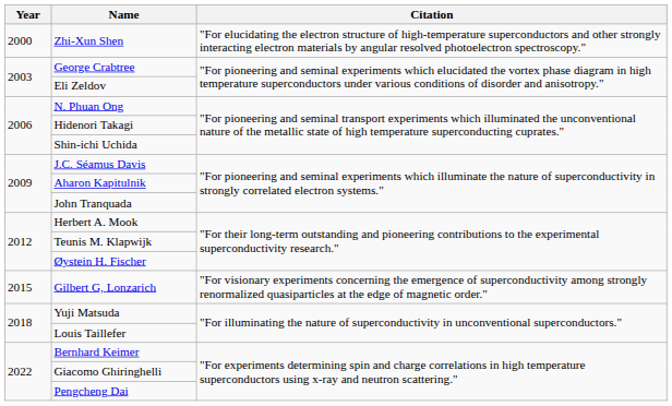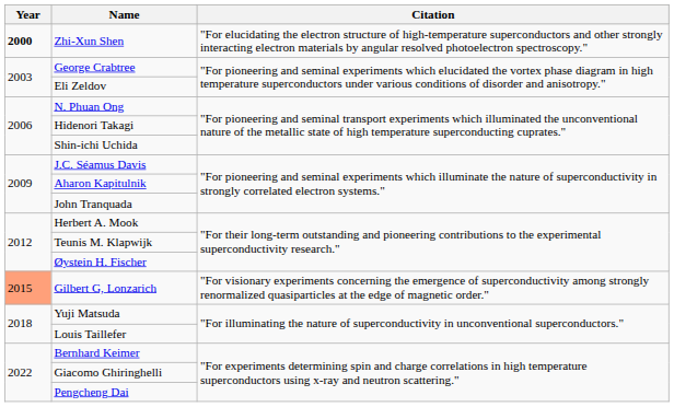 <table class="wikitable">
 <tr bgcolor="#ccccc">
 <th style="width:7%">Year</th>
 <th style="width:22%">Name</th>
 <th>Citation</th>
 </tr>
 <tr>
-<td>2000</td>
+<td><strong>2000</strong></td>
 <td><a href='#'>Zhi-Xun Shen</a></td>
 <td>"For elucidating the electron structure of high-temperature superconductors and other strongly interacting electron materials by angular resolved photoelectron spectroscopy."</td>
 </tr>
 <tr>
 <td rowspan=2>2003</td>
 <td><a href='#'>George Crabtree</a></td>
 <td rowspan=2>"For pioneering and seminal experiments which elucidated the vortex phase diagram in high temperature superconductors under various conditions of disorder and anisotropy."</td>
 </tr>
 <tr>
 <td>Eli Zeldov</td>
 </tr>
 <tr>
 <td rowspan=3>2006</td>
 <td><a href='#'>N. Phuan Ong</a></td>
 <td rowspan=3>"For pioneering and seminal transport experiments which illuminated the unconventional nature of the metallic state of high temperature superconducting cuprates."</td>
 </tr>
 <tr>
 <td>Hidenori Takagi</td>
 </tr>
 <tr>
 <td>Shin-ichi Uchida</td>
 </tr>
 <tr>
 <td rowspan=3>2009</td>
 <td><a href='#'>J.C. Séamus Davis</a></td>
 <td rowspan=3>"For pioneering and seminal experiments which illuminate the nature of superconductivity in strongly correlated electron systems."</td>
 </tr>
 <tr>
 <td><a href='#'>Aharon Kapitulnik</a></td>
 </tr>
 <tr>
 <td>John Tranquada</td>
 </tr>
 <tr>
 <td rowspan=3>2012</td>
 <td>Herbert A. Mook</td>
 <td rowspan=3>"For their long-term outstanding and pioneering contributions to the experimental superconductivity research."</td>
 </tr>
 <tr>
 <td>Teunis M. Klapwijk</td>
 </tr>
 <tr>
 <td><a href='#'>Øystein H. Fischer</a></td>
 </tr>
 <tr>
-<td>2015</td>
+<td style="background: lightsalmon;">2015</td>
 <td><a href='#'>Gilbert G, Lonzarich</a></td>
 <td>"For visionary experiments concerning the emergence of superconductivity among strongly renormalized quasiparticles at the edge of magnetic order."</td>
 </tr>
 <tr>
 <td rowspan=2>2018</td>
 <td>Yuji Matsuda</td>
 <td rowspan=2>"For illuminating the nature of superconductivity in unconventional superconductors."</td>
 </tr>
 <tr>
 <td>Louis Taillefer</td>
 </tr>
 <tr>
 <td rowspan=3>2022</td>
 <td><a href='#'>Bernhard Keimer</a></td>
 <td rowspan=3>"For experiments determining spin and charge correlations in high temperature superconductors using x-ray and neutron scattering."</td>
 </tr>
 <tr>
 <td>Giacomo Ghiringhelli</td>
 </tr>
 <tr>
 <td><a href='#'>Pengcheng Dai</a></td>
 </tr>
 </table>
